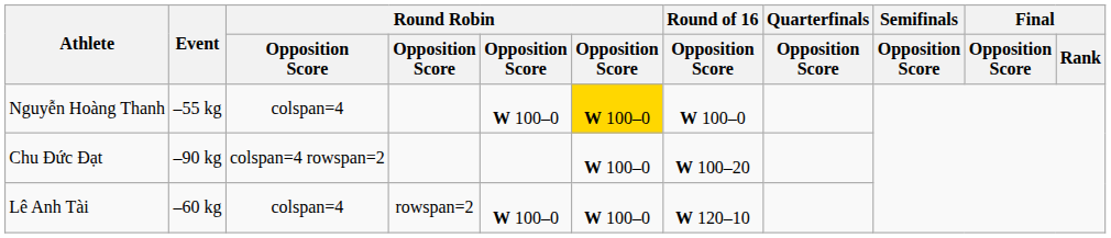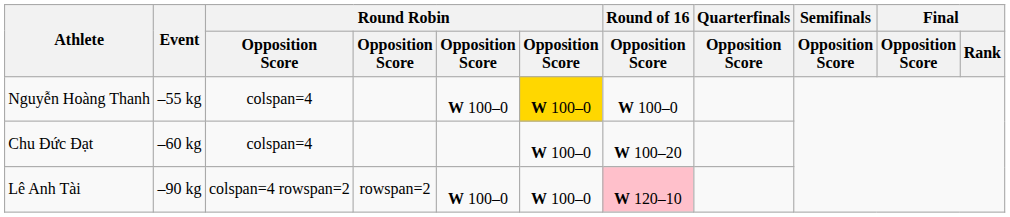 <table class="wikitable" style="font-size:90%">
 <tr>
 <th rowspan=2>Athlete</th>
 <th rowspan=2>Event</th>
 <th colspan=4>Round Robin</th>
 <th>Round of 16</th>
 <th>Quarterfinals</th>
 <th>Semifinals</th>
 <th colspan=2>Final</th>
 </tr>
 <tr style="font-size:95">
 <th>Opposition<br>Score</th>
 <th>Opposition<br>Score</th>
 <th>Opposition<br>Score</th>
 <th>Opposition<br>Score</th>
 <th>Opposition<br>Score</th>
 <th>Opposition<br>Score</th>
 <th>Opposition<br>Score</th>
 <th>Opposition<br>Score</th>
 <th>Rank</th>
 </tr>
 <tr align=center>
 <td align=left>Nguyễn Hoàng Thanh</td>
 <td align=left>–55 kg</td>
 <td>colspan=4 </td>
 <td></td>
 <td><br><strong>W</strong> 100–0</td>
 <td style="background: gold;"><br><strong>W</strong> 100–0</td>
 <td><br><strong>W</strong> 100–0</td>
 <td></td>
 </tr>
 <tr align=center>
 <td align=left>Chu Đức Đạt</td>
-<td align=left>–90 kg</td>
-<td>colspan=4 rowspan=2 </td>
+<td align=left>–60 kg</td>
+<td>colspan=4 </td>
 <td></td>
 <td></td>
 <td><br><strong>W</strong> 100–0</td>
 <td><br><strong>W</strong> 100–20</td>
 <td></td>
 </tr>
 <tr align=center>
 <td align=left>Lê Anh Tài</td>
-<td align=left>–60 kg</td>
-<td>colspan=4 </td>
+<td align=left>–90 kg</td>
+<td>colspan=4 rowspan=2 </td>
 <td>rowspan=2 </td>
 <td><br><strong>W</strong> 100–0</td>
 <td><br><strong>W</strong> 100–0</td>
-<td><br><strong>W</strong> 120–10</td>
+<td style="background: pink;"><br><strong>W</strong> 120–10</td>
 <td></td>
 </tr>
 </table>
